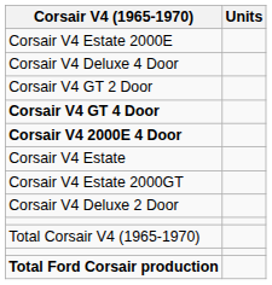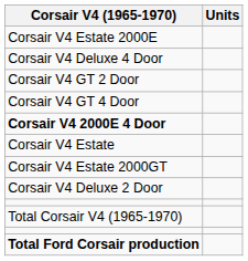 <table class="wikitable">
 <tr>
 <th>Corsair V4 (1965-1970)</th>
 <th>Units</th>
 </tr>
 <tr>
 <td>Corsair V4 Estate 2000E</td>
 <td></td>
 </tr>
 <tr>
 <td>Corsair V4 Deluxe 4 Door</td>
 <td></td>
 </tr>
 <tr>
 <td>Corsair V4 GT 2 Door</td>
 <td></td>
 </tr>
 <tr>
-<td><strong>Corsair V4 GT 4 Door</strong></td>
+<td>Corsair V4 GT 4 Door</td>
 <td></td>
 </tr>
 <tr>
 <td><strong>Corsair V4 2000E 4 Door</strong></td>
 <td></td>
 </tr>
 <tr>
 <td>Corsair V4 Estate</td>
 <td></td>
 </tr>
 <tr>
 <td>Corsair V4 Estate 2000GT</td>
 <td></td>
 </tr>
 <tr>
 <td>Corsair V4 Deluxe 2 Door</td>
 <td></td>
 </tr>
 <tr>
 <td></td>
 <td></td>
 </tr>
 <tr>
 <td>Total Corsair V4 (1965-1970)</td>
 <td></td>
 </tr>
 <tr>
 <td></td>
 <td></td>
 </tr>
 <tr>
 <td><strong>Total Ford Corsair production</strong></td>
 <td></td>
 </tr>
 </table>
